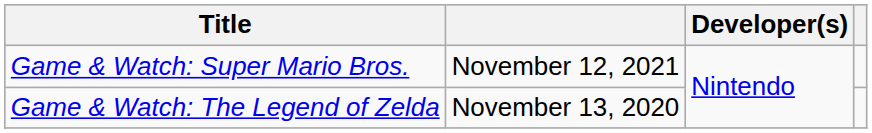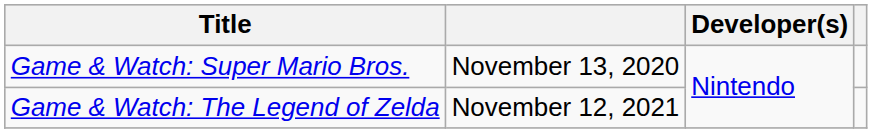 <table class="wikitable plainrowheaders sortable">
 <tr>
 <th scope="col">Title</th>
 <th scope="col" data-sort-type="date"></th>
 <th scope="col">Developer(s)</th>
 <th scope="col" class="unsortable"></th>
 </tr>
 <tr>
 <td><em><a href='#'>Game & Watch: Super Mario Bros.</a></em></td>
-<td>November 12, 2021</td>
+<td>November 13, 2020</td>
 <td rowspan="2"><a href='#'>Nintendo</a></td>
 <td></td>
 </tr>
 <tr>
 <td><em><a href='#'>Game & Watch: The Legend of Zelda</a></em></td>
-<td>November 13, 2020</td>
+<td>November 12, 2021</td>
 <td></td>
 </tr>
 </table>
